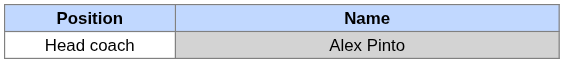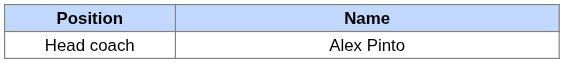 <table border=1 style="border-collapse:collapse; font-size:90%;" cellpadding=3 cellspacing=0 width=30%>
 <tr bgcolor=#C1D8FF>
 <th width=7%>Position</th>
 <th width=20%>Name</th>
 </tr>
 <tr align=center>
 <td>Head coach</td>
-<td style="background: lightgrey;">Alex Pinto</td>
+<td>Alex Pinto</td>
 </tr>
 </table>
